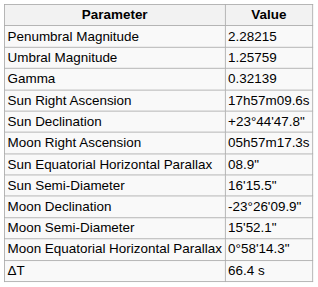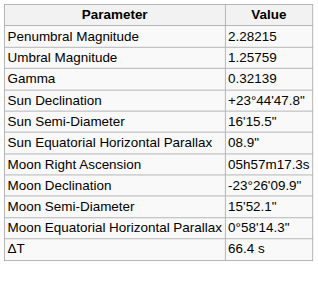 <table class="wikitable">
 <tr>
 <th>Parameter</th>
 <th>Value</th>
 </tr>
 <tr>
 <td>Penumbral Magnitude</td>
 <td>2.28215</td>
 </tr>
 <tr>
 <td>Umbral Magnitude</td>
 <td>1.25759</td>
 </tr>
 <tr>
 <td>Gamma</td>
 <td>0.32139</td>
 </tr>
 <tr>
-<td>Sun Right Ascension</td>
-<td>17h57m09.6s</td>
-</tr>
-<tr>
 <td>Sun Declination</td>
 <td>+23°44'47.8"</td>
 </tr>
 <tr>
-<td>Moon Right Ascension</td>
-<td>05h57m17.3s</td>
+<td>Sun Semi-Diameter</td>
+<td>16'15.5"</td>
 </tr>
 <tr>
 <td>Sun Equatorial Horizontal Parallax</td>
 <td>08.9"</td>
 </tr>
 <tr>
-<td>Sun Semi-Diameter</td>
-<td>16'15.5"</td>
+<td>Moon Right Ascension</td>
+<td>05h57m17.3s</td>
 </tr>
 <tr>
 <td>Moon Declination</td>
 <td>-23°26'09.9"</td>
 </tr>
 <tr>
 <td>Moon Semi-Diameter</td>
 <td>15'52.1"</td>
 </tr>
 <tr>
 <td>Moon Equatorial Horizontal Parallax</td>
 <td>0°58'14.3"</td>
 </tr>
 <tr>
 <td>ΔT</td>
 <td>66.4 s</td>
 </tr>
 </table>
